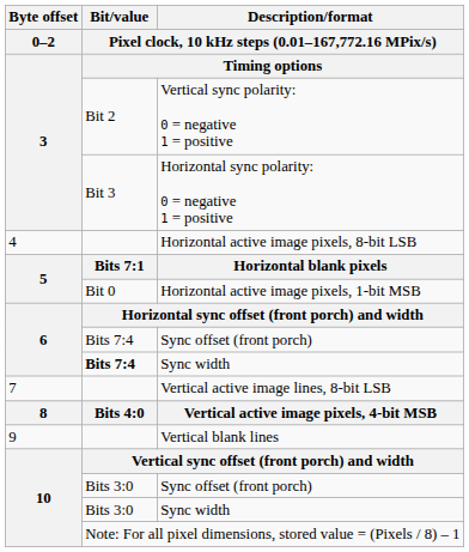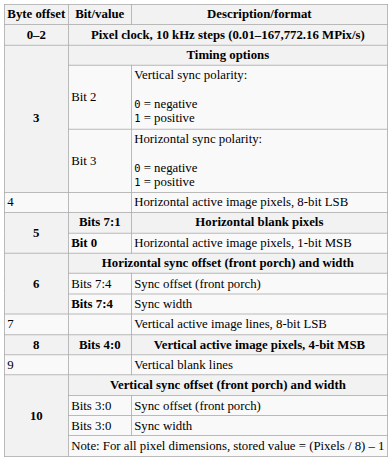 <table class=wikitable>
 <tr>
 <th>Byte offset</th>
 <th>Bit/value</th>
 <th>Description/format</th>
 </tr>
 <tr>
 <th>0–2</th>
 <th colspan=2>Pixel clock, 10 kHz steps (0.01–167,772.16 MPix/s)</th>
 </tr>
 <tr>
 <th rowspan=3>3</th>
 <th colspan=2>Timing options</th>
 </tr>
 <tr>
 <td>Bit 2</td>
 <td>Vertical sync polarity:<br><br><code>0</code> = negative<br> <code>1</code> = positive</td>
 </tr>
 <tr>
 <td>Bit 3</td>
 <td>Horizontal sync polarity:<br><br><code>0</code> = negative<br> <code>1</code> = positive</td>
 </tr>
 <tr>
 <td>4</td>
 <td></td>
 <td>Horizontal active image pixels, 8-bit LSB</td>
 </tr>
 <tr>
 <th rowspan=2>5</th>
 <th>Bits 7:1</th>
 <th>Horizontal blank pixels</th>
 </tr>
 <tr>
-<td>Bit 0</td>
+<td><strong>Bit 0</strong></td>
 <td>Horizontal active image pixels, 1-bit MSB</td>
 </tr>
 <tr>
 <th rowspan=3>6</th>
 <th colspan=2>Horizontal sync offset (front porch) and width</th>
 </tr>
 <tr>
 <td>Bits 7:4</td>
 <td>Sync offset (front porch)</td>
 </tr>
 <tr>
 <td><strong>Bits 7:4</strong></td>
 <td>Sync width</td>
 </tr>
 <tr>
 <td>7</td>
 <td></td>
 <td>Vertical active image lines, 8-bit LSB</td>
 </tr>
 <tr>
 <th>8</th>
 <th>Bits 4:0</th>
 <th>Vertical active image pixels, 4-bit MSB</th>
 </tr>
 <tr>
 <td>9</td>
 <td></td>
 <td>Vertical blank lines</td>
 </tr>
 <tr>
 <th rowspan=4>10</th>
 <th colspan=2>Vertical sync offset (front porch) and width</th>
 </tr>
 <tr>
 <td>Bits 3:0</td>
 <td>Sync offset (front porch)</td>
 </tr>
 <tr>
 <td>Bits 3:0</td>
 <td>Sync width</td>
 </tr>
 <tr>
 <td colspan=3>Note: For all pixel dimensions, stored value = (Pixels / 8) – 1</td>
 </tr>
 </table>
